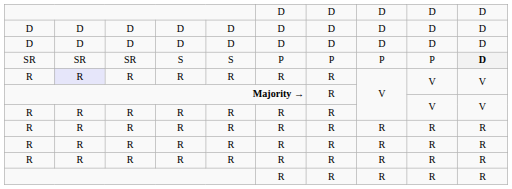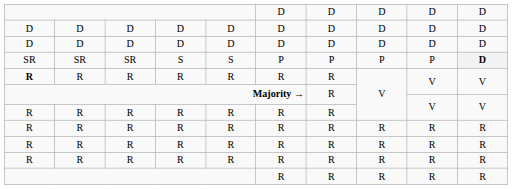 <table class="wikitable" style="text-align:center" width=800px>
 <tr>
 <td colspan=5></td>
 <td>D</td>
 <td>D</td>
 <td>D</td>
 <td>D</td>
 <td>D</td>
 </tr>
 <tr>
 <td width=50px >D</td>
 <td width=50px >D</td>
 <td width=50px >D</td>
 <td width=50px >D</td>
 <td width=50px >D</td>
 <td width=50px >D</td>
 <td width=50px >D</td>
 <td width=50px >D</td>
 <td width=50px >D</td>
 <td width=50px >D</td>
 </tr>
 <tr>
 <td>D</td>
 <td>D</td>
 <td>D</td>
 <td>D</td>
 <td>D</td>
 <td>D</td>
 <td>D</td>
 <td>D</td>
 <td>D</td>
 <td>D</td>
 </tr>
 <tr>
 <td>SR</td>
 <td>SR</td>
 <td>SR</td>
 <td>S</td>
 <td>S</td>
 <td>P</td>
 <td>P</td>
 <td>P</td>
 <td>P</td>
 <th>D<br></th>
 </tr>
 <tr>
+<td><strong>R</strong></td>
 <td>R</td>
-<td style="background: lavender;">R</td>
 <td>R</td>
 <td>R</td>
 <td>R</td>
 <td>R</td>
 <td>R</td>
 <td rowspan=4 >V</td>
 <td rowspan=2 >V</td>
 <td rowspan=2 >V</td>
 </tr>
 <tr style="height:1em">
 <td rowspan=2 colspan=6 align=right><strong>Majority →</strong></td>
 <td rowspan=2 >R</td>
 </tr>
 <tr style="height:1em">
 <td rowspan=2 >V</td>
 <td rowspan=2 >V</td>
 </tr>
 <tr style="height:1em">
 <td>R</td>
 <td>R</td>
 <td>R</td>
 <td>R</td>
 <td>R</td>
 <td>R</td>
 <td>R</td>
 </tr>
 <tr>
 <td>R</td>
 <td>R</td>
 <td>R</td>
 <td>R</td>
 <td>R</td>
 <td>R</td>
 <td>R</td>
 <td>R</td>
 <td>R</td>
 <td>R</td>
 </tr>
 <tr>
 <td>R</td>
 <td>R</td>
 <td>R</td>
 <td>R</td>
 <td>R</td>
 <td>R</td>
 <td>R</td>
 <td>R</td>
 <td>R</td>
 <td>R</td>
 </tr>
 <tr>
 <td>R</td>
 <td>R</td>
 <td>R</td>
 <td>R</td>
 <td>R</td>
 <td>R</td>
 <td>R</td>
 <td>R</td>
 <td>R</td>
 <td>R</td>
 </tr>
 <tr>
 <td colspan=5></td>
 <td>R</td>
 <td>R</td>
 <td>R</td>
 <td>R</td>
 <td>R</td>
 </tr>
 </table>
